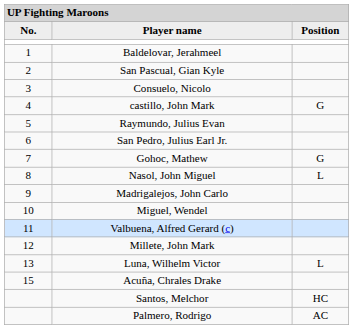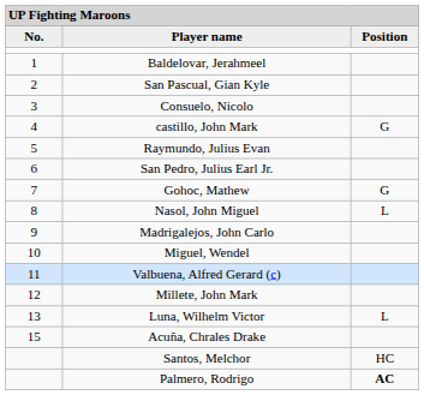 <table class='wikitable mw-collapsible mw-collapsed' style='text-align: center; width: 500px; border: none;'>
 <tr>
 <th style="background:#D4D4D4; text-align:left;" colspan=3> UP Fighting Maroons</th>
 </tr>
 <tr style="background:#EEEEEE; font-weight:bold;">
 <td width=10%>No.</td>
 <td width=50%>Player name</td>
 <td width=10%>Position</td>
 </tr>
 <tr style="background:#FFFFFF;">
 <td colspan=3 align=center></td>
 </tr>
 <tr>
 <td align=center>1</td>
 <td>Baldelovar, Jerahmeel</td>
 <td align=center></td>
 </tr>
 <tr>
 <td align=center>2</td>
 <td>San Pascual, Gian Kyle</td>
 <td align=center></td>
 </tr>
 <tr>
 <td align=center>3</td>
 <td>Consuelo, Nicolo</td>
 <td align=center></td>
 </tr>
 <tr>
 <td align=center>4</td>
 <td>castillo, John Mark</td>
 <td align=center>G</td>
 </tr>
 <tr>
 <td align=center>5</td>
 <td>Raymundo, Julius Evan</td>
 <td align=center></td>
 </tr>
 <tr>
 <td align=center>6</td>
 <td>San Pedro, Julius Earl Jr.</td>
 <td align=center></td>
 </tr>
 <tr>
 <td align=center>7</td>
 <td>Gohoc, Mathew</td>
 <td align=center>G</td>
 </tr>
 <tr>
 <td align=center>8</td>
 <td>Nasol, John Miguel</td>
 <td align=center>L</td>
 </tr>
 <tr>
 <td align=center>9</td>
 <td>Madrigalejos, John Carlo</td>
 <td align=center></td>
 </tr>
 <tr>
 <td align=center>10</td>
 <td>Miguel, Wendel</td>
 <td align=center></td>
 </tr>
 <tr style="background:#D0E6FF;">
 <td align=center>11</td>
 <td>Valbuena, Alfred Gerard  (<a href='#'>c</a>)</td>
 <td align=center></td>
 </tr>
 <tr>
 <td align=center>12</td>
 <td>Millete, John Mark</td>
 <td align=center></td>
 </tr>
 <tr>
 <td align=center>13</td>
 <td>Luna, Wilhelm Victor</td>
 <td align=center>L</td>
 </tr>
 <tr>
 <td align=center>15</td>
 <td>Acuña, Chrales Drake</td>
 <td align=center></td>
 </tr>
 <tr>
 <td align=center></td>
 <td>Santos, Melchor</td>
 <td align=center>HC</td>
 </tr>
 <tr>
 <td align=center></td>
 <td>Palmero, Rodrigo</td>
-<td align=center>AC</td>
+<td align=center><strong>AC</strong></td>
 </tr>
 <tr>
 </tr>
 </table>
